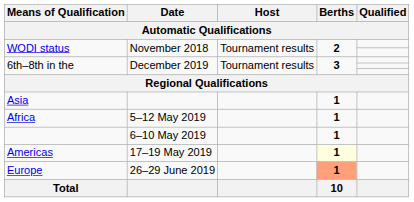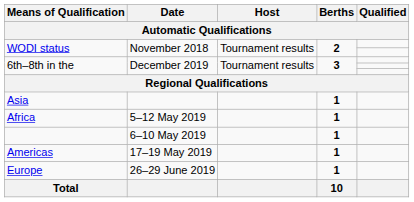 <table class="wikitable">
 <tr>
 <th>Means of Qualification</th>
 <th>Date</th>
 <th>Host</th>
 <th>Berths</th>
 <th>Qualified</th>
 </tr>
 <tr>
 <th colspan="5">Automatic Qualifications</th>
 </tr>
 <tr>
 <td rowspan="2"><a href='#'>WODI status</a></td>
 <td rowspan="2">November 2018</td>
 <td rowspan="2">Tournament results</td>
 <td rowspan="2" style="text-align:center;"><strong>2</strong></td>
 <td></td>
 </tr>
 <tr>
 <td></td>
 </tr>
 <tr>
 <td rowspan="3">6th–8th in the </td>
 <td rowspan="3">December 2019</td>
 <td rowspan="3">Tournament results</td>
 <td rowspan="3" style="text-align:center;"><strong>3</strong></td>
 <td></td>
 </tr>
 <tr>
 <td></td>
 </tr>
 <tr>
 <td></td>
 </tr>
 <tr>
 <th colspan="5">Regional Qualifications</th>
 </tr>
 <tr>
 <td><a href='#'>Asia</a></td>
 <td></td>
 <td></td>
 <td style="text-align:center;"><strong>1</strong></td>
 <td></td>
 </tr>
 <tr>
 <td><a href='#'>Africa</a></td>
 <td>5–12 May 2019</td>
 <td></td>
 <td style="text-align:center;"><strong>1</strong></td>
 <td></td>
 </tr>
 <tr>
 <td></td>
 <td>6–10 May 2019</td>
 <td></td>
 <td style="text-align:center;"><strong>1</strong></td>
 <td><s></s></td>
 </tr>
 <tr>
 <td><a href='#'>Americas</a></td>
 <td>17–19 May 2019</td>
 <td></td>
-<td style="background: lightyellow; text-align:center;"><strong>1</strong></td>
+<td style="text-align:center;"><strong>1</strong></td>
 <td></td>
 </tr>
 <tr>
 <td><a href='#'>Europe</a></td>
 <td>26–29 June 2019</td>
 <td></td>
-<td style="background: lightsalmon; text-align:center;"><strong>1</strong></td>
+<td style="text-align:center;"><strong>1</strong></td>
 <td></td>
 </tr>
 <tr>
 <th>Total</th>
 <th></th>
 <th></th>
 <th>10</th>
 <th></th>
 </tr>
 </table>
